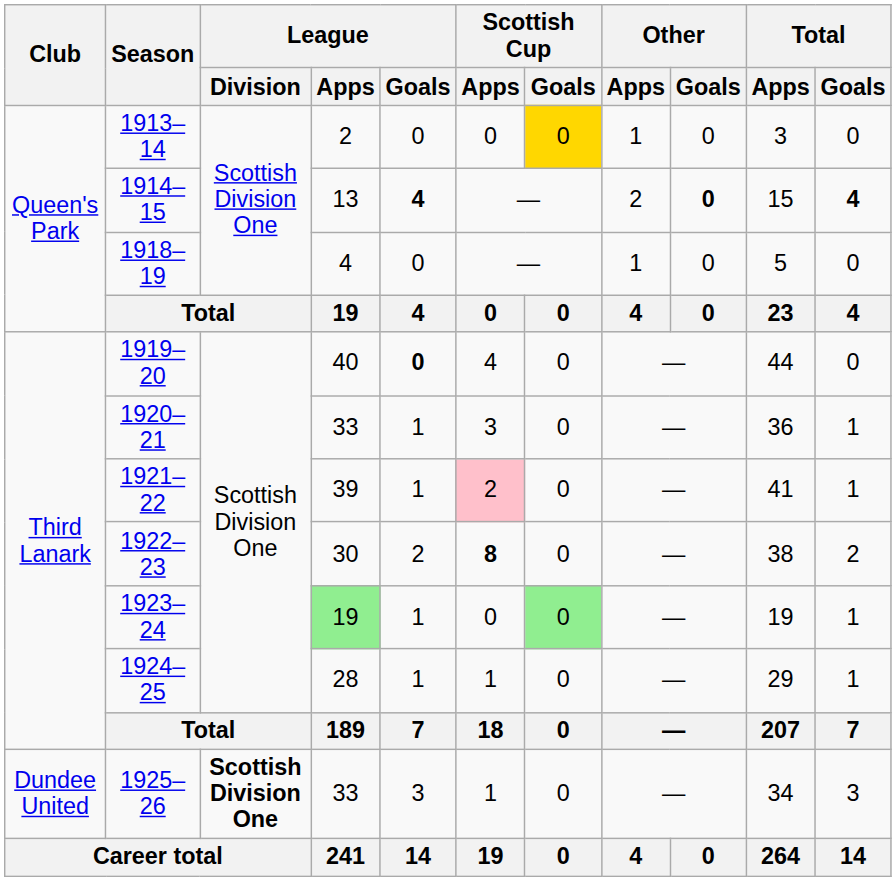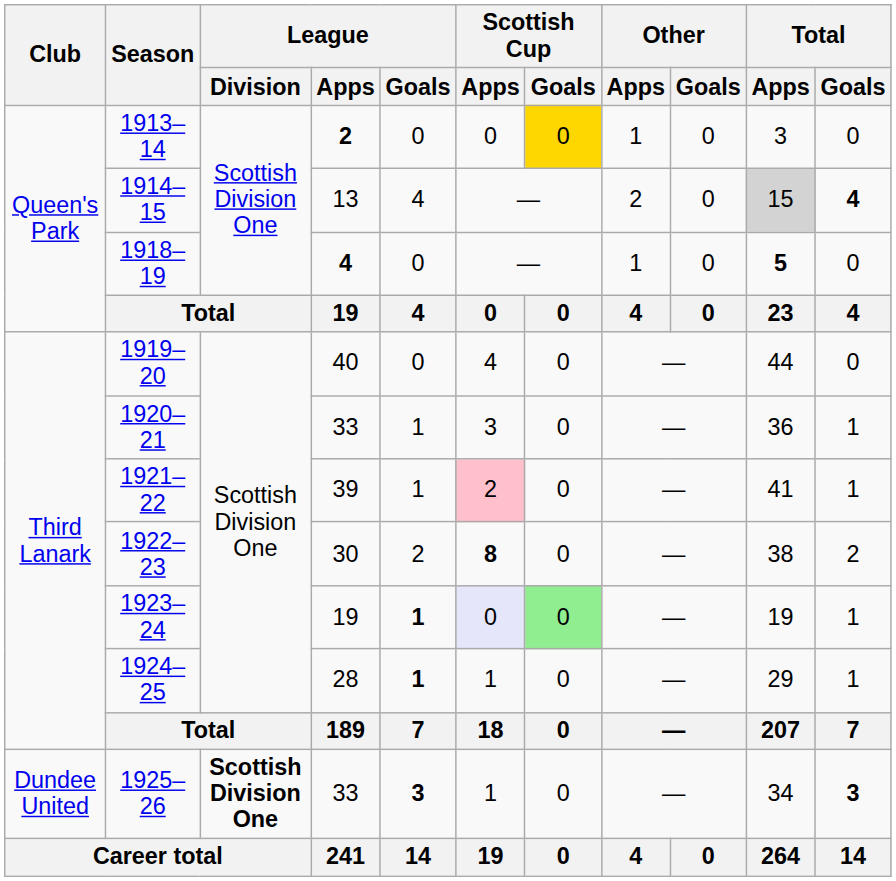 <table class="wikitable" style="text-align: center;">
 <tr>
 <th rowspan="2">Club</th>
 <th rowspan="2">Season</th>
 <th colspan="3">League</th>
 <th colspan="2">Scottish Cup</th>
 <th colspan="2">Other</th>
 <th colspan="2">Total</th>
 </tr>
 <tr>
 <th>Division</th>
 <th>Apps</th>
 <th>Goals</th>
 <th>Apps</th>
 <th>Goals</th>
 <th>Apps</th>
 <th>Goals</th>
 <th>Apps</th>
 <th>Goals</th>
 </tr>
 <tr>
 <td rowspan="4"><a href='#'>Queen's Park</a></td>
 <td><a href='#'>1913–14</a></td>
 <td rowspan="3"><a href='#'>Scottish Division One</a></td>
-<td>2</td>
+<td><strong>2</strong></td>
 <td>0</td>
 <td>0</td>
 <td style="background: gold;">0</td>
 <td>1</td>
 <td>0</td>
 <td>3</td>
 <td>0</td>
 </tr>
 <tr>
 <td><a href='#'>1914–15</a></td>
 <td>13</td>
-<td><strong>4</strong></td>
+<td>4</td>
 <td colspan="2">—</td>
 <td>2</td>
-<td><strong>0</strong></td>
-<td>15</td>
+<td>0</td>
+<td style="background: lightgrey;">15</td>
 <td><strong>4</strong></td>
 </tr>
 <tr>
 <td><a href='#'>1918–19</a></td>
-<td>4</td>
+<td><strong>4</strong></td>
 <td>0</td>
 <td colspan="2">—</td>
 <td>1</td>
 <td>0</td>
-<td>5</td>
+<td><strong>5</strong></td>
 <td>0</td>
 </tr>
 <tr>
 <th colspan="2">Total</th>
 <th>19</th>
 <th>4</th>
 <th>0</th>
 <th>0</th>
 <th>4</th>
 <th>0</th>
 <th>23</th>
 <th>4</th>
 </tr>
 <tr>
 <td rowspan="7"><a href='#'>Third Lanark</a></td>
 <td><a href='#'>1919–20</a></td>
 <td rowspan="6">Scottish Division One</td>
 <td>40</td>
-<td><strong>0</strong></td>
+<td>0</td>
 <td>4</td>
 <td>0</td>
 <td colspan="2">—</td>
 <td>44</td>
 <td>0</td>
 </tr>
 <tr>
 <td><a href='#'>1920–21</a></td>
 <td>33</td>
 <td>1</td>
 <td>3</td>
 <td>0</td>
 <td colspan="2">—</td>
 <td>36</td>
 <td>1</td>
 </tr>
 <tr>
 <td><a href='#'>1921–22</a></td>
 <td>39</td>
 <td>1</td>
 <td style="background: pink;">2</td>
 <td>0</td>
 <td colspan="2">—</td>
 <td>41</td>
 <td>1</td>
 </tr>
 <tr>
 <td><a href='#'>1922–23</a></td>
 <td>30</td>
 <td>2</td>
 <td><strong>8</strong></td>
 <td>0</td>
 <td colspan="2">—</td>
 <td>38</td>
 <td>2</td>
 </tr>
 <tr>
 <td><a href='#'>1923–24</a></td>
-<td style="background: lightgreen;">19</td>
-<td>1</td>
-<td>0</td>
+<td>19</td>
+<td><strong>1</strong></td>
+<td style="background: lavender;">0</td>
 <td style="background: lightgreen;">0</td>
 <td colspan="2">—</td>
 <td>19</td>
 <td>1</td>
 </tr>
 <tr>
 <td><a href='#'>1924–25</a></td>
 <td>28</td>
-<td>1</td>
+<td><strong>1</strong></td>
 <td>1</td>
 <td>0</td>
 <td colspan="2">—</td>
 <td>29</td>
 <td>1</td>
 </tr>
 <tr>
 <th colspan="2">Total</th>
 <th>189</th>
 <th>7</th>
 <th>18</th>
 <th>0</th>
 <th colspan="2">—</th>
 <th>207</th>
 <th>7</th>
 </tr>
 <tr>
 <td><a href='#'>Dundee United</a></td>
 <td><a href='#'>1925–26</a></td>
 <td><strong>Scottish Division One</strong></td>
 <td>33</td>
-<td>3</td>
+<td><strong>3</strong></td>
 <td>1</td>
 <td>0</td>
 <td colspan="2">—</td>
 <td>34</td>
-<td>3</td>
+<td><strong>3</strong></td>
 </tr>
 <tr>
 <th colspan="3">Career total</th>
 <th>241</th>
 <th>14</th>
 <th>19</th>
 <th>0</th>
 <th>4</th>
 <th>0</th>
 <th>264</th>
 <th>14</th>
 </tr>
 </table>
